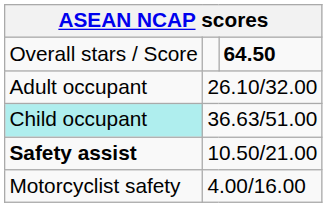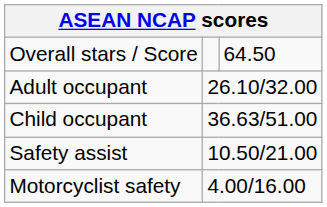 <table class="wikitable">
 <tr>
 <th colspan="3"><a href='#'>ASEAN NCAP</a> scores</th>
 </tr>
 <tr>
 <td>Overall stars / Score</td>
 <td></td>
-<td><strong>64.50</strong></td>
+<td>64.50</td>
 </tr>
 <tr>
 <td>Adult occupant</td>
 <td colspan="2">26.10/32.00</td>
 </tr>
 <tr>
-<td style="background: paleturquoise;">Child occupant</td>
+<td>Child occupant</td>
 <td colspan="2">36.63/51.00</td>
 </tr>
 <tr>
-<td><strong>Safety assist</strong></td>
+<td>Safety assist</td>
 <td colspan="2">10.50/21.00</td>
 </tr>
 <tr>
 <td>Motorcyclist safety</td>
 <td colspan="2">4.00/16.00</td>
 </tr>
 </table>
